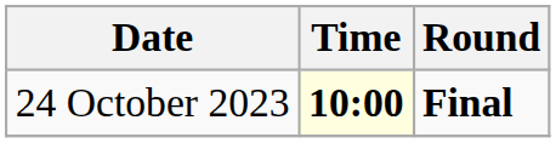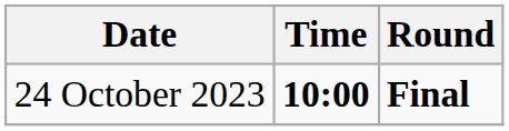 <table class="wikitable">
 <tr>
 <th>Date</th>
 <th>Time</th>
 <th>Round</th>
 </tr>
 <tr>
 <td>24 October 2023</td>
-<td style="background: lightyellow;"><strong>10:00</strong></td>
+<td><strong>10:00</strong></td>
 <td><strong>Final</strong></td>
 </tr>
 <tr>
 </tr>
 </table>
